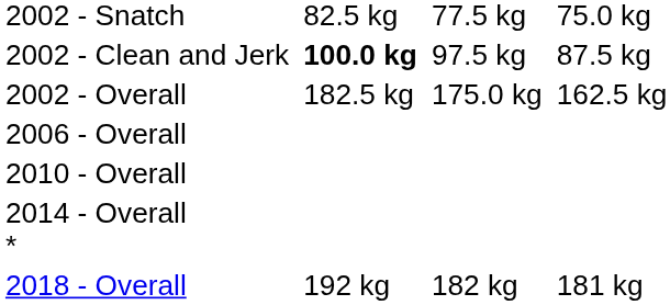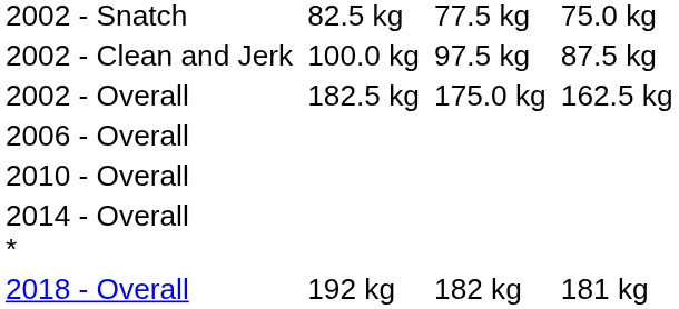 <table>
 <tr>
 <td>2002 - Snatch</td>
 <td></td>
 <td>82.5 kg</td>
 <td></td>
 <td>77.5 kg</td>
 <td></td>
 <td>75.0 kg</td>
 </tr>
 <tr>
 <td>2002 - Clean and Jerk</td>
 <td></td>
-<td><strong>100.0 kg</strong></td>
+<td>100.0 kg</td>
 <td></td>
 <td>97.5 kg</td>
 <td></td>
 <td>87.5 kg</td>
 </tr>
 <tr>
 <td>2002 - Overall</td>
 <td></td>
 <td>182.5 kg</td>
 <td></td>
 <td>175.0 kg</td>
 <td></td>
 <td>162.5 kg</td>
 </tr>
 <tr>
 <td>2006 - Overall<br></td>
 <td></td>
 <td></td>
 <td></td>
 <td></td>
 <td></td>
 <td></td>
 </tr>
 <tr>
 <td>2010 - Overall<br></td>
 <td></td>
 <td></td>
 <td></td>
 <td></td>
 <td></td>
 <td></td>
 </tr>
 <tr>
 <td>2014 - Overall<br>*</td>
 <td></td>
 <td></td>
 <td></td>
 <td></td>
 <td></td>
 <td></td>
 </tr>
 <tr>
 <td><a href='#'>2018 - Overall</a></td>
 <td></td>
 <td>192 kg</td>
 <td></td>
 <td>182 kg</td>
 <td></td>
 <td>181 kg</td>
 </tr>
 </table>
